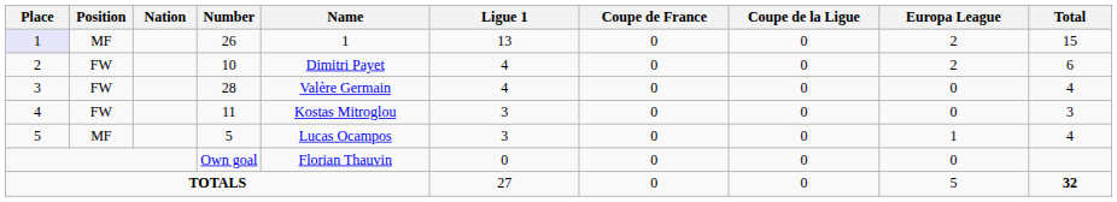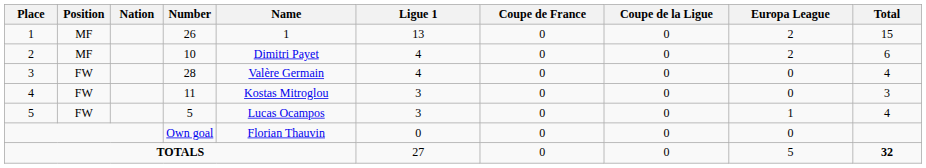 <table class="wikitable" style="font-size: 95%; text-align: center;">
 <tr>
 <th width=60>Place</th>
 <th width=60>Position</th>
 <th width=60>Nation</th>
 <th width=60>Number</th>
 <th width=170>Name</th>
 <th width=150>Ligue 1</th>
 <th width=150>Coupe de France</th>
 <th width=150>Coupe de la Ligue</th>
 <th width=150>Europa League</th>
 <th width=80>Total</th>
 </tr>
 <tr>
-<td style="background: lavender;">1</td>
+<td>1</td>
 <td>MF</td>
 <td></td>
 <td>26</td>
 <td>1</td>
 <td>13</td>
 <td>0</td>
 <td>0</td>
 <td>2</td>
 <td>15</td>
 </tr>
 <tr>
 <td>2</td>
-<td>FW</td>
+<td>MF</td>
 <td></td>
 <td>10</td>
 <td><a href='#'>Dimitri Payet</a></td>
 <td>4</td>
 <td>0</td>
 <td>0</td>
 <td>2</td>
 <td>6</td>
 </tr>
 <tr>
 <td>3</td>
 <td>FW</td>
 <td></td>
 <td>28</td>
 <td><a href='#'>Valère Germain</a></td>
 <td>4</td>
 <td>0</td>
 <td>0</td>
 <td>0</td>
 <td>4</td>
 </tr>
 <tr>
 <td>4</td>
 <td>FW</td>
 <td></td>
 <td>11</td>
 <td><a href='#'>Kostas Mitroglou</a></td>
 <td>3</td>
 <td>0</td>
 <td>0</td>
 <td>0</td>
 <td>3</td>
 </tr>
 <tr>
 <td>5</td>
-<td>MF</td>
+<td>FW</td>
 <td></td>
 <td>5</td>
 <td><a href='#'>Lucas Ocampos</a></td>
 <td>3</td>
 <td>0</td>
 <td>0</td>
 <td>1</td>
 <td>4</td>
 </tr>
 <tr>
 <td colspan="3"></td>
 <td><a href='#'>Own goal</a></td>
 <td><a href='#'>Florian Thauvin</a></td>
 <td>0</td>
 <td>0</td>
 <td>0</td>
 <td>0</td>
 </tr>
 <tr>
 <td colspan="5"><strong>TOTALS</strong></td>
 <td>27</td>
 <td>0</td>
 <td>0</td>
 <td>5</td>
 <td><strong>32</strong></td>
 </tr>
 </table>
